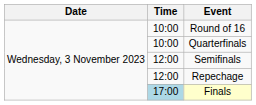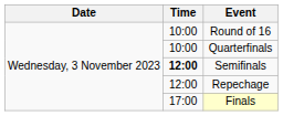 <table class = "wikitable" style="text-align:center;">
 <tr>
 <th width=220>Date</th>
 <th width=50>Time</th>
 <th width=100>Event</th>
 </tr>
 <tr>
 <td rowspan=5>Wednesday, 3 November 2023</td>
 <td>10:00</td>
 <td>Round of 16</td>
 </tr>
 <tr>
 <td>10:00</td>
 <td>Quarterfinals</td>
 </tr>
 <tr>
-<td>12:00</td>
+<td><strong>12:00</strong></td>
 <td>Semifinals</td>
 </tr>
 <tr>
 <td>12:00</td>
 <td>Repechage</td>
 </tr>
 <tr>
-<td style="background: lightblue;">17:00</td>
+<td>17:00</td>
 <td bgcolor=ffffcc>Finals</td>
 </tr>
 </table>
